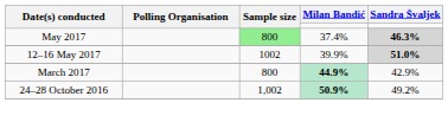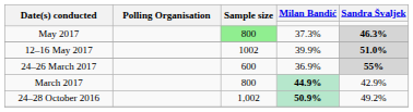 <table class="wikitable" style="text-align:center; font-size:90%;">
 <tr>
 <th style="width:150px;" rowspan=2>Date(s) conducted</th>
 <th style="width:150px;" rowspan=2>Polling Organisation</th>
 <th style="width:75px;" rowspan=2>Sample size</th>
 <th><a href='#'>Milan Bandić</a></th>
 <th><a href='#'>Sandra Švaljek</a></th>
 </tr>
 <tr>
 <td style="background: "></td>
 <td style="background: "></td>
 </tr>
 <tr>
 <td>May 2017</td>
 <td></td>
 <td style="background: lightgreen;">800</td>
-<td>37.4%</td>
+<td>37.3%</td>
 <td style="background: #D5D5D5"><strong>46.3%</strong></td>
 </tr>
 <tr>
 </tr>
 <tr>
 </tr>
 <tr>
 <td>12–16 May 2017</td>
 <td></td>
 <td>1002</td>
 <td>39.9%</td>
 <td style="background: #D5D5D5"><strong>51.0%</strong></td>
 </tr>
 <tr>
+</tr>
+<tr>
+<td>24–26 March 2017</td>
+<td></td>
+<td>600</td>
+<td>36.9%</td>
+<td style="background: #D5D5D5"><strong>55%</strong></td>
 </tr>
 <tr>
 <td>March 2017</td>
 <td></td>
 <td>800</td>
 <td style="background: #b6e7cc"><strong>44.9%</strong></td>
 <td>42.9%</td>
 </tr>
 <tr>
 <td>24–28 October 2016</td>
 <td></td>
 <td>1,002</td>
 <td style="background: #b6e7cc"><strong>50.9%</strong></td>
 <td>49.2%</td>
 </tr>
 <tr>
 </tr>
 </table>
